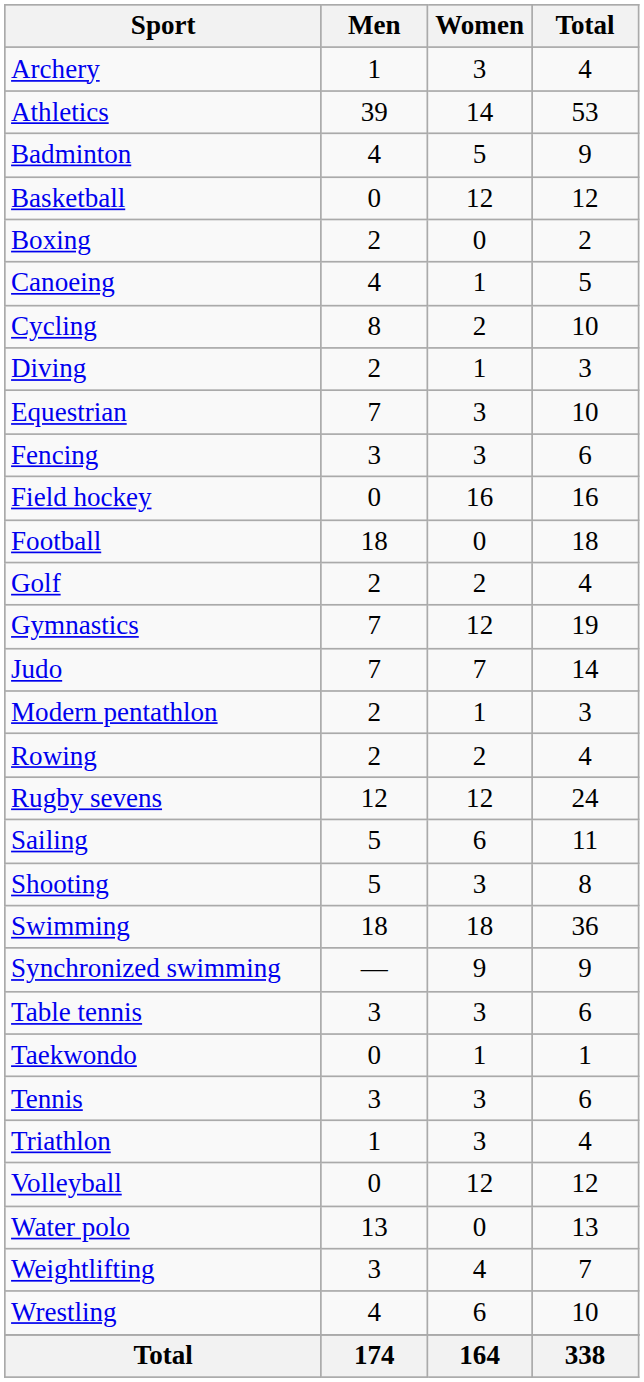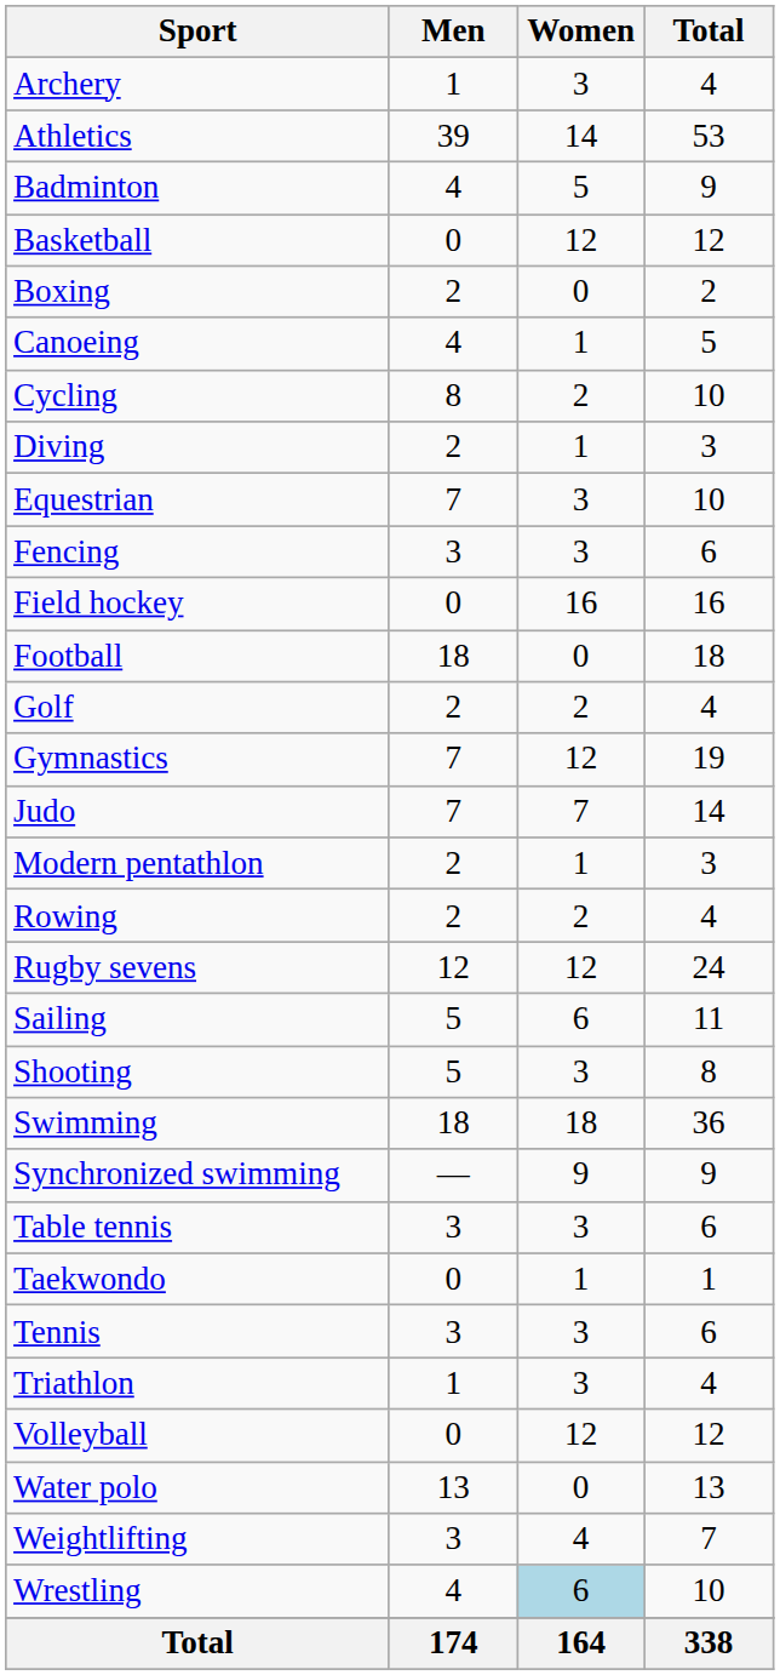 <table class="wikitable sortable" style="text-align:center;">
 <tr>
 <th width=180>Sport</th>
 <th width=55>Men</th>
 <th width=55>Women</th>
 <th width=55>Total</th>
 </tr>
 <tr>
 <td align=left><a href='#'>Archery</a></td>
 <td>1</td>
 <td>3</td>
 <td>4</td>
 </tr>
 <tr>
 <td align=left><a href='#'>Athletics</a></td>
 <td>39</td>
 <td>14</td>
 <td>53</td>
 </tr>
 <tr>
 <td align=left><a href='#'>Badminton</a></td>
 <td>4</td>
 <td>5</td>
 <td>9</td>
 </tr>
 <tr>
 <td align=left><a href='#'>Basketball</a></td>
 <td>0</td>
 <td>12</td>
 <td>12</td>
 </tr>
 <tr>
 <td align=left><a href='#'>Boxing</a></td>
 <td>2</td>
 <td>0</td>
 <td>2</td>
 </tr>
 <tr>
 <td align=left><a href='#'>Canoeing</a></td>
 <td>4</td>
 <td>1</td>
 <td>5</td>
 </tr>
 <tr>
 <td align=left><a href='#'>Cycling</a></td>
 <td>8</td>
 <td>2</td>
 <td>10</td>
 </tr>
 <tr>
 <td align=left><a href='#'>Diving</a></td>
 <td>2</td>
 <td>1</td>
 <td>3</td>
 </tr>
 <tr>
 <td align=left><a href='#'>Equestrian</a></td>
 <td>7</td>
 <td>3</td>
 <td>10</td>
 </tr>
 <tr>
 <td align=left><a href='#'>Fencing</a></td>
 <td>3</td>
 <td>3</td>
 <td>6</td>
 </tr>
 <tr>
 <td align=left><a href='#'>Field hockey</a></td>
 <td>0</td>
 <td>16</td>
 <td>16</td>
 </tr>
 <tr>
 <td align=left><a href='#'>Football</a></td>
 <td>18</td>
 <td>0</td>
 <td>18</td>
 </tr>
 <tr>
 <td align=left><a href='#'>Golf</a></td>
 <td>2</td>
 <td>2</td>
 <td>4</td>
 </tr>
 <tr>
 <td align=left><a href='#'>Gymnastics</a></td>
 <td>7</td>
 <td>12</td>
 <td>19</td>
 </tr>
 <tr>
 <td align=left><a href='#'>Judo</a></td>
 <td>7</td>
 <td>7</td>
 <td>14</td>
 </tr>
 <tr>
 <td align=left><a href='#'>Modern pentathlon</a></td>
 <td>2</td>
 <td>1</td>
 <td>3</td>
 </tr>
 <tr>
 <td align=left><a href='#'>Rowing</a></td>
 <td>2</td>
 <td>2</td>
 <td>4</td>
 </tr>
 <tr>
 <td align=left><a href='#'>Rugby sevens</a></td>
 <td>12</td>
 <td>12</td>
 <td>24</td>
 </tr>
 <tr>
 <td align=left><a href='#'>Sailing</a></td>
 <td>5</td>
 <td>6</td>
 <td>11</td>
 </tr>
 <tr>
 <td align=left><a href='#'>Shooting</a></td>
 <td>5</td>
 <td>3</td>
 <td>8</td>
 </tr>
 <tr>
 <td align=left><a href='#'>Swimming</a></td>
 <td>18</td>
 <td>18</td>
 <td>36</td>
 </tr>
 <tr>
 <td align=left><a href='#'>Synchronized swimming</a></td>
 <td>—</td>
 <td>9</td>
 <td>9</td>
 </tr>
 <tr>
 <td align=left><a href='#'>Table tennis</a></td>
 <td>3</td>
 <td>3</td>
 <td>6</td>
 </tr>
 <tr>
 <td align=left><a href='#'>Taekwondo</a></td>
 <td>0</td>
 <td>1</td>
 <td>1</td>
 </tr>
 <tr>
 <td align=left><a href='#'>Tennis</a></td>
 <td>3</td>
 <td>3</td>
 <td>6</td>
 </tr>
 <tr>
 <td align=left><a href='#'>Triathlon</a></td>
 <td>1</td>
 <td>3</td>
 <td>4</td>
 </tr>
 <tr>
 <td align=left><a href='#'>Volleyball</a></td>
 <td>0</td>
 <td>12</td>
 <td>12</td>
 </tr>
 <tr>
 <td align=left><a href='#'>Water polo</a></td>
 <td>13</td>
 <td>0</td>
 <td>13</td>
 </tr>
 <tr>
 <td align=left><a href='#'>Weightlifting</a></td>
 <td>3</td>
 <td>4</td>
 <td>7</td>
 </tr>
 <tr>
 <td align=left><a href='#'>Wrestling</a></td>
 <td>4</td>
-<td>6</td>
+<td style="background: lightblue;">6</td>
 <td>10</td>
 </tr>
 <tr>
 </tr>
 <tr class="sortbottom">
 <th>Total</th>
 <th>174</th>
 <th>164</th>
 <th>338</th>
 </tr>
 </table>
